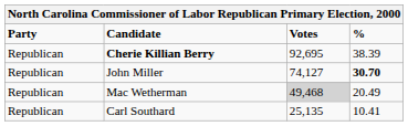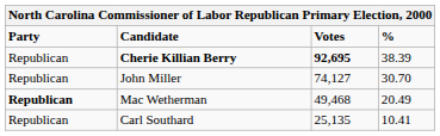 <table class="wikitable">
 <tr>
 <th colspan="4">North Carolina Commissioner of Labor Republican Primary Election, 2000</th>
 </tr>
 <tr>
 <td><strong>Party</strong></td>
 <td><strong>Candidate</strong></td>
 <td><strong>Votes</strong></td>
 <td><strong>%</strong></td>
 </tr>
 <tr>
 <td>Republican</td>
 <td><strong>Cherie Killian Berry</strong></td>
-<td>92,695</td>
+<td><strong>92,695</strong></td>
 <td>38.39</td>
 </tr>
 <tr>
 <td>Republican</td>
 <td>John Miller</td>
 <td>74,127</td>
-<td><strong>30.70</strong></td>
+<td>30.70</td>
 </tr>
 <tr>
-<td>Republican</td>
+<td><strong>Republican</strong></td>
 <td>Mac Wetherman</td>
-<td style="background: lightgrey;">49,468</td>
+<td>49,468</td>
 <td>20.49</td>
 </tr>
 <tr>
 <td>Republican</td>
 <td>Carl Southard</td>
 <td>25,135</td>
 <td>10.41</td>
 </tr>
 </table>
